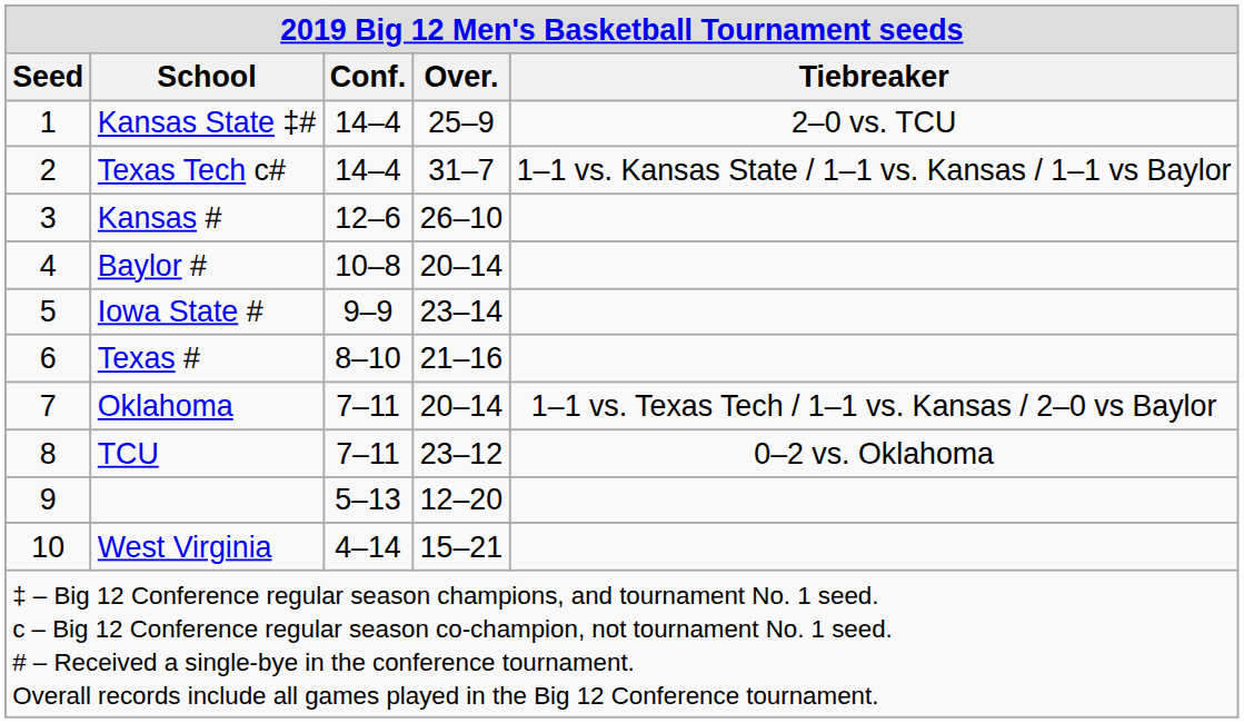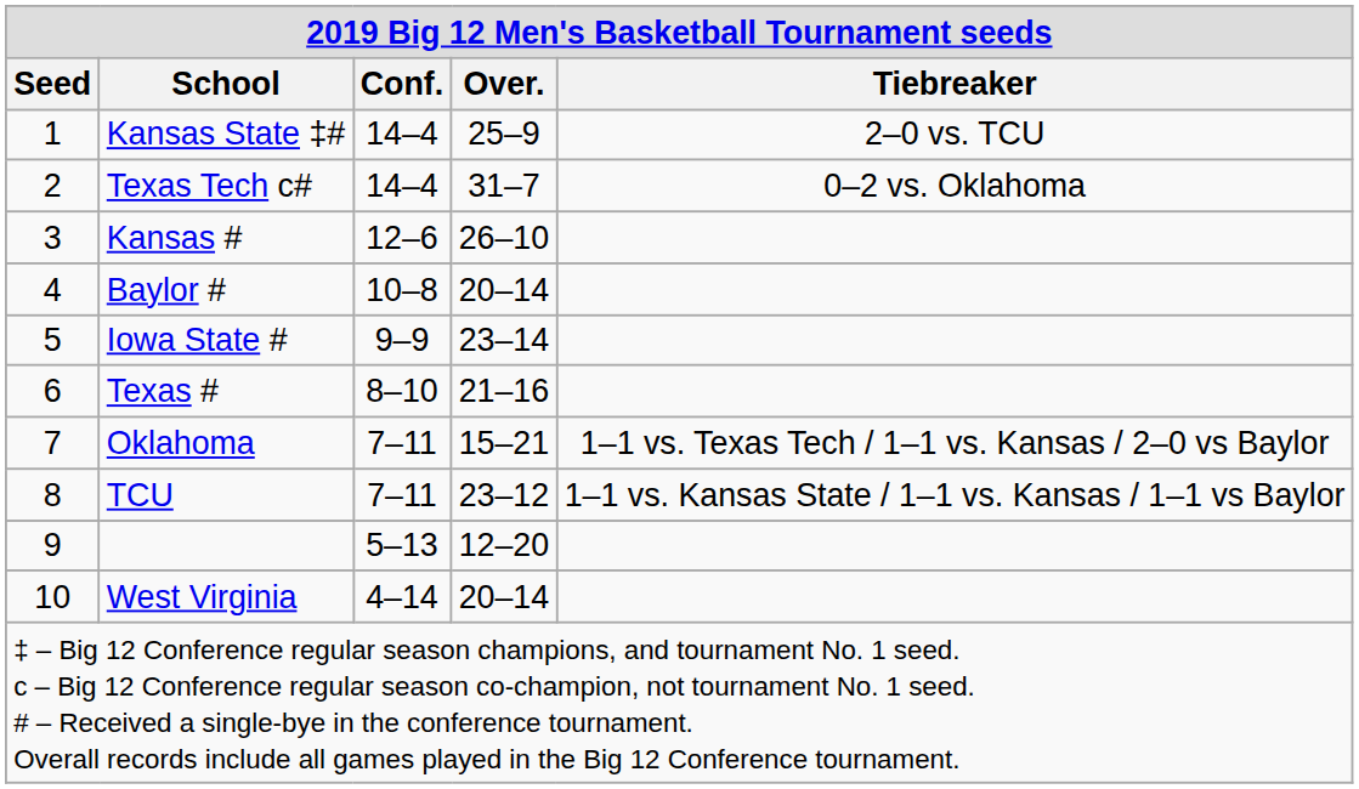 <table class="wikitable" style="white-space:nowrap; font-size:90%;text-align:center">
 <tr>
 <td colspan="10" style="text-align:center; background:#DDDDDD; font:#000000"><strong><a href='#'>2019 Big 12 Men's Basketball Tournament seeds</a></strong></td>
 </tr>
 <tr bgcolor="#efefef">
 <th>Seed</th>
 <th>School</th>
 <th>Conf.</th>
 <th>Over.</th>
 <th>Tiebreaker</th>
 </tr>
 <tr>
 <td>1</td>
 <td align=left><a href='#'>Kansas State</a> ‡#</td>
 <td>14–4</td>
 <td>25–9</td>
 <td>2–0 vs. TCU</td>
 </tr>
 <tr>
 <td>2</td>
 <td align=left><a href='#'>Texas Tech</a> c#</td>
 <td>14–4</td>
 <td>31–7</td>
-<td>1–1 vs. Kansas State / 1–1 vs. Kansas / 1–1 vs Baylor</td>
+<td>0–2 vs. Oklahoma</td>
 </tr>
 <tr>
 <td>3</td>
 <td align=left><a href='#'>Kansas</a> #</td>
 <td>12–6</td>
 <td>26–10</td>
 <td></td>
 </tr>
 <tr>
 <td>4</td>
 <td align=left><a href='#'>Baylor</a> #</td>
 <td>10–8</td>
 <td>20–14</td>
 <td></td>
 </tr>
 <tr>
 <td>5</td>
 <td align=left><a href='#'>Iowa State</a> #</td>
 <td>9–9</td>
 <td>23–14</td>
 <td></td>
 </tr>
 <tr>
 <td>6</td>
 <td align=left><a href='#'>Texas</a> #</td>
 <td>8–10</td>
 <td>21–16</td>
 <td></td>
 </tr>
 <tr>
 <td>7</td>
 <td align=left><a href='#'>Oklahoma</a></td>
 <td>7–11</td>
-<td>20–14</td>
+<td>15–21</td>
 <td>1–1 vs. Texas Tech / 1–1 vs. Kansas / 2–0 vs Baylor</td>
 </tr>
 <tr>
 <td>8</td>
 <td align=left><a href='#'>TCU</a></td>
 <td>7–11</td>
 <td>23–12</td>
-<td>0–2 vs. Oklahoma</td>
+<td>1–1 vs. Kansas State / 1–1 vs. Kansas / 1–1 vs Baylor</td>
 </tr>
 <tr>
 <td>9</td>
 <td align=left></td>
 <td>5–13</td>
 <td>12–20</td>
 <td></td>
 </tr>
 <tr>
 <td>10</td>
 <td align=left><a href='#'>West Virginia</a></td>
 <td>4–14</td>
-<td>15–21</td>
+<td>20–14</td>
 <td></td>
 </tr>
 <tr>
 <td colspan="10" style="text-align:left;"><small>‡ – Big 12 Conference regular season champions, and tournament No. 1 seed.<br>c – Big 12 Conference regular season co-champion, not tournament No. 1 seed.<br># – Received a single-bye in the conference tournament.<br>Overall records include all games played in the Big 12 Conference tournament.</small></td>
 </tr>
 </table>
